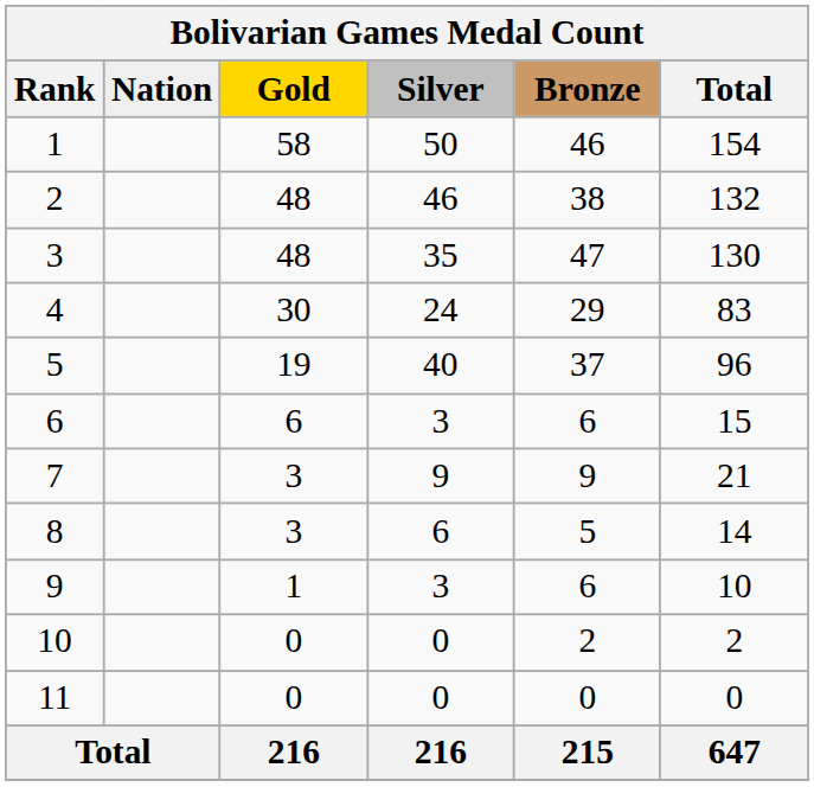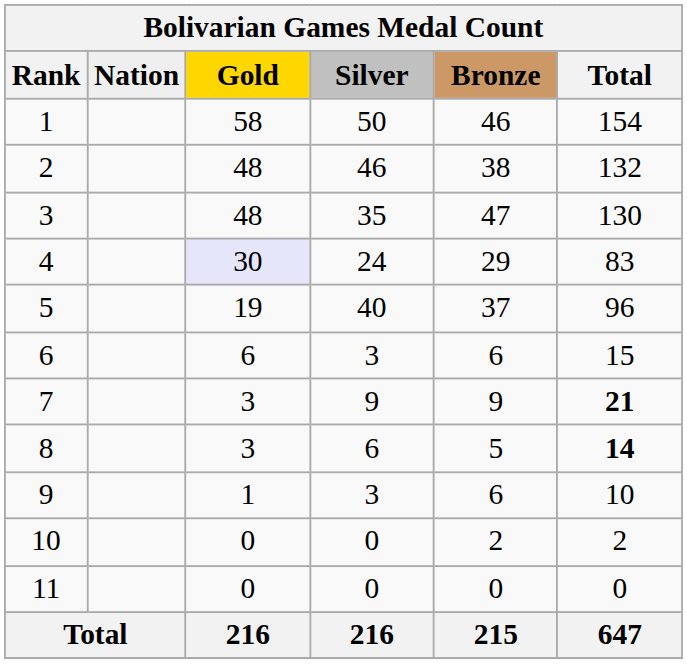 <table class="wikitable" style="text-align:center">
 <tr>
 <th colspan=6>Bolivarian Games Medal Count</th>
 </tr>
 <tr bgcolor="#efefef">
 <th>Rank</th>
 <td align=left><strong>Nation</strong></td>
 <td bgcolor="gold" align=center width=60><strong>Gold</strong></td>
 <td bgcolor="silver" align=center width=60><strong>Silver</strong></td>
 <td bgcolor="CC9966" align=center width=60><strong>Bronze</strong></td>
 <th width=60>Total</th>
 </tr>
 <tr>
 <td align=center>1</td>
 <td align=left></td>
 <td>58</td>
 <td>50</td>
 <td>46</td>
 <td>154</td>
 </tr>
 <tr>
 <td align=center>2</td>
 <td align=left></td>
 <td>48</td>
 <td>46</td>
 <td>38</td>
 <td>132</td>
 </tr>
 <tr>
 <td align=center>3</td>
 <td align=left></td>
 <td>48</td>
 <td>35</td>
 <td>47</td>
 <td>130</td>
 </tr>
 <tr>
 <td align=center>4</td>
 <td align=left></td>
-<td>30</td>
+<td style="background: lavender;">30</td>
 <td>24</td>
 <td>29</td>
 <td>83</td>
 </tr>
 <tr>
 <td align=center>5</td>
 <td align=left></td>
 <td>19</td>
 <td>40</td>
 <td>37</td>
 <td>96</td>
 </tr>
 <tr>
 <td align=center>6</td>
 <td align=left></td>
 <td>6</td>
 <td>3</td>
 <td>6</td>
 <td>15</td>
 </tr>
 <tr>
 <td align=center>7</td>
 <td align=left></td>
 <td>3</td>
 <td>9</td>
 <td>9</td>
-<td>21</td>
+<td><strong>21</strong></td>
 </tr>
 <tr>
 <td align=center>8</td>
 <td align=left></td>
 <td>3</td>
 <td>6</td>
 <td>5</td>
-<td>14</td>
+<td><strong>14</strong></td>
 </tr>
 <tr>
 <td align=center>9</td>
 <td align=left></td>
 <td>1</td>
 <td>3</td>
 <td>6</td>
 <td>10</td>
 </tr>
 <tr>
 <td align=center>10</td>
 <td align=left></td>
 <td>0</td>
 <td>0</td>
 <td>2</td>
 <td>2</td>
 </tr>
 <tr>
 <td align=center>11</td>
 <td align=left></td>
 <td>0</td>
 <td>0</td>
 <td>0</td>
 <td>0</td>
 </tr>
 <tr>
 <th colspan="2">Total</th>
 <th>216</th>
 <th>216</th>
 <th>215</th>
 <th>647</th>
 </tr>
 <tr>
 </tr>
 </table>
